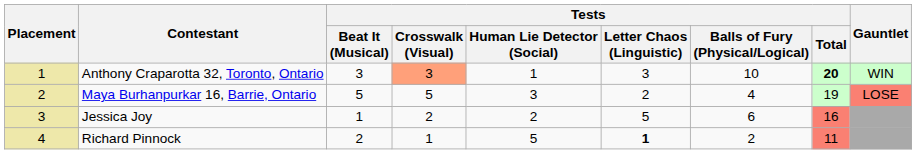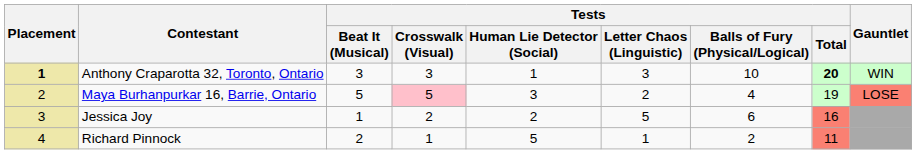 <table class="wikitable" style="text-align:center;">
 <tr>
 <th rowspan="2">Placement</th>
 <th rowspan="2">Contestant</th>
 <th colspan="6">Tests</th>
 <th rowspan="2">Gauntlet</th>
 </tr>
 <tr>
 <th>Beat It<br>(Musical)</th>
 <th>Crosswalk<br>(Visual)</th>
 <th>Human Lie Detector<br>(Social)</th>
 <th>Letter Chaos<br>(Linguistic)</th>
 <th>Balls of Fury<br>(Physical/Logical)</th>
 <th>Total</th>
 </tr>
 <tr>
-<td bgcolor="palegoldenrod">1</td>
+<td bgcolor="palegoldenrod"><strong>1</strong></td>
 <td align="left">Anthony Craparotta 32, <a href='#'>Toronto</a>, <a href='#'>Ontario</a></td>
 <td>3</td>
-<td style="background: lightsalmon;">3</td>
+<td>3</td>
 <td>1</td>
 <td>3</td>
 <td>10</td>
 <td bgcolor="#cfc"><strong>20</strong></td>
 <td bgcolor="#cfc">WIN</td>
 </tr>
 <tr>
 <td bgcolor="palegoldenrod">2</td>
 <td align="left"><a href='#'>Maya Burhanpurkar</a> 16, <a href='#'>Barrie, Ontario</a></td>
 <td>5</td>
-<td>5</td>
+<td style="background: pink;">5</td>
 <td>3</td>
 <td>2</td>
 <td>4</td>
 <td bgcolor="#cfc">19</td>
 <td bgcolor="salmon">LOSE</td>
 </tr>
 <tr>
 <td bgcolor="palegoldenrod">3</td>
 <td align="left">Jessica Joy</td>
 <td>1</td>
 <td>2</td>
 <td>2</td>
 <td>5</td>
 <td>6</td>
 <td align="center" bgcolor="salmon">16</td>
 <td bgcolor=darkgrey></td>
 </tr>
 <tr>
 <td bgcolor="palegoldenrod">4</td>
 <td align="left">Richard Pinnock</td>
 <td>2</td>
 <td>1</td>
 <td>5</td>
-<td><strong>1</strong></td>
+<td>1</td>
 <td>2</td>
 <td align="center" bgcolor="salmon">11</td>
 <td bgcolor=darkgrey></td>
 </tr>
 </table>
